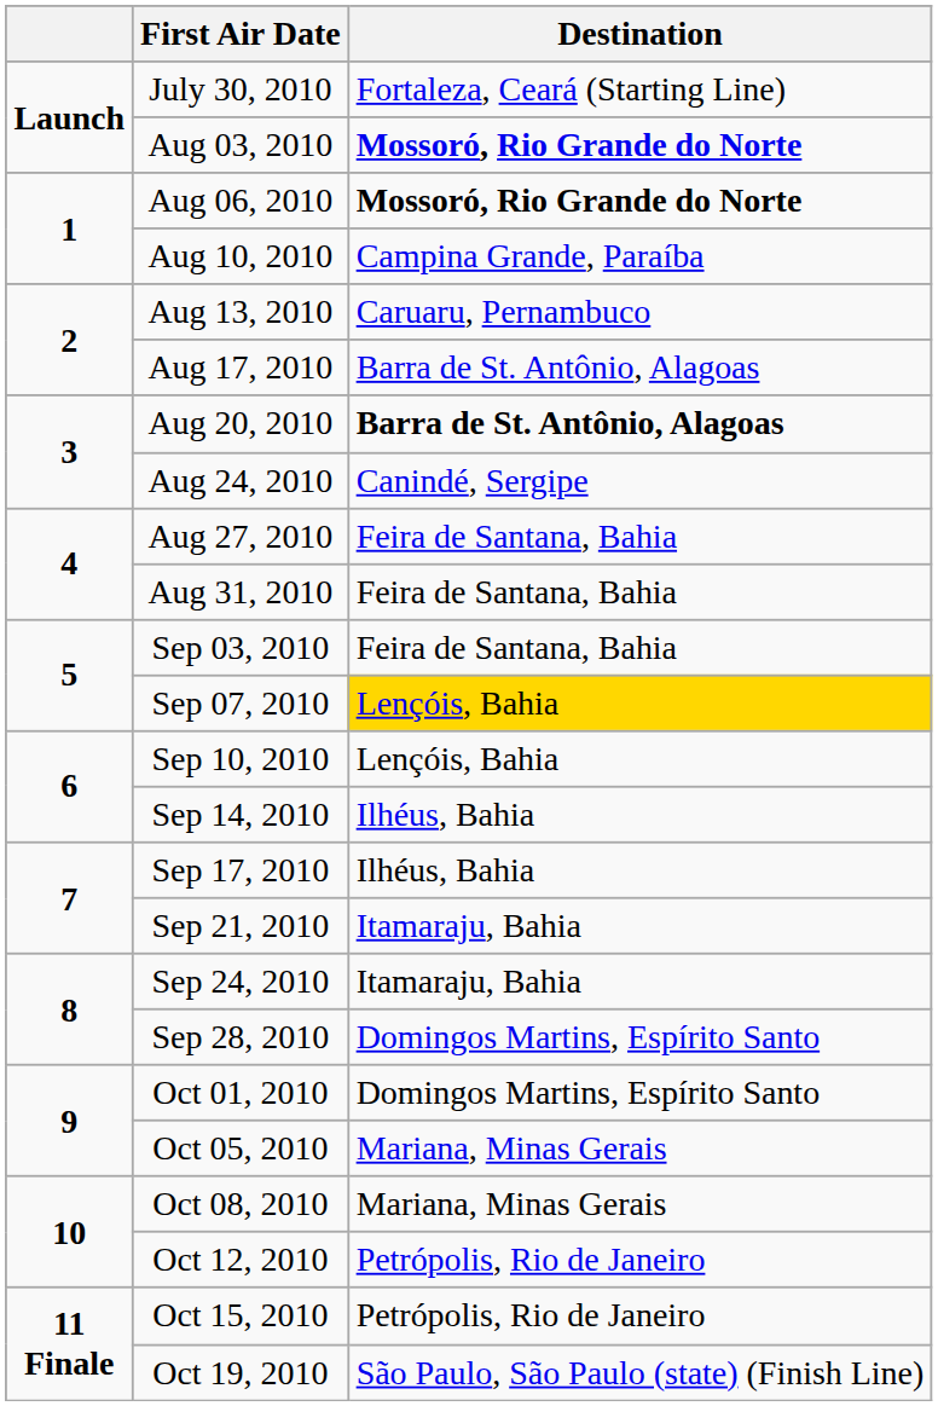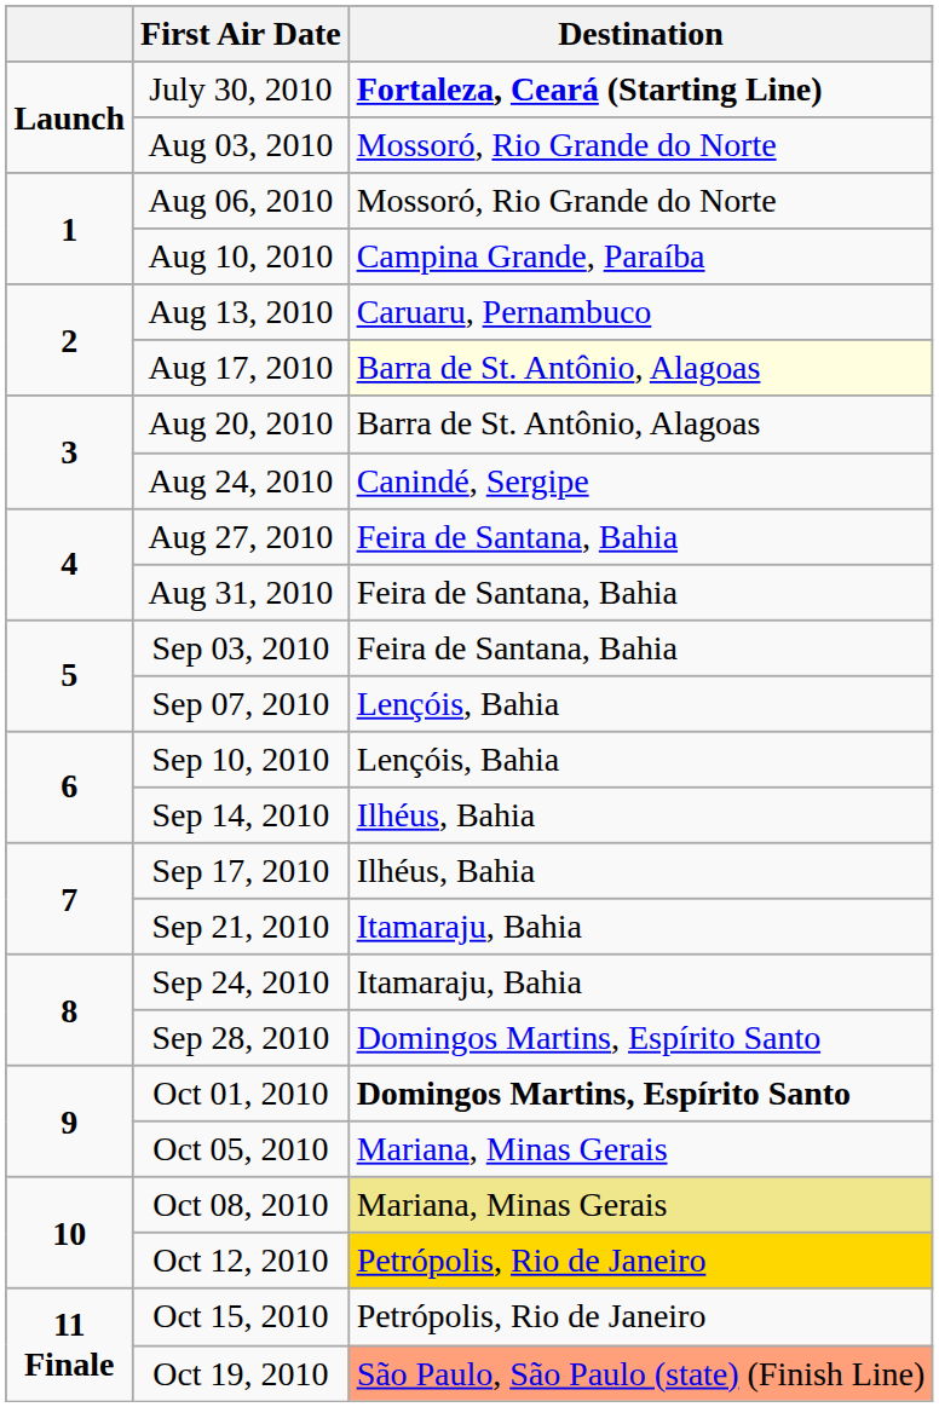 <table class="wikitable" style="text-align:center; font-size:95%">
 <tr>
 <th></th>
 <th>First Air Date</th>
 <th>Destination</th>
 </tr>
 <tr>
 <td rowspan=2><strong>Launch</strong></td>
 <td>July 30, 2010</td>
-<td align="left"><a href='#'>Fortaleza</a>, <a href='#'>Ceará</a> (Starting Line)</td>
+<td align="left"><strong><a href='#'>Fortaleza</a>, <a href='#'>Ceará</a> (Starting Line)</strong></td>
 </tr>
 <tr>
 <td>Aug 03, 2010</td>
-<td align="left"><strong><a href='#'>Mossoró</a>, <a href='#'>Rio Grande do Norte</a></strong></td>
+<td align="left"><a href='#'>Mossoró</a>, <a href='#'>Rio Grande do Norte</a></td>
 </tr>
 <tr>
 <td rowspan=2><strong>1</strong></td>
 <td>Aug 06, 2010</td>
-<td align="left"><strong>Mossoró, Rio Grande do Norte</strong></td>
+<td align="left">Mossoró, Rio Grande do Norte</td>
 </tr>
 <tr>
 <td>Aug 10, 2010</td>
 <td align="left"><a href='#'>Campina Grande</a>, <a href='#'>Paraíba</a></td>
 </tr>
 <tr>
 <td rowspan=2><strong>2</strong></td>
 <td>Aug 13, 2010</td>
 <td align="left"><a href='#'>Caruaru</a>, <a href='#'>Pernambuco</a></td>
 </tr>
 <tr>
 <td>Aug 17, 2010</td>
-<td align="left"><a href='#'>Barra de St. Antônio</a>, <a href='#'>Alagoas</a></td>
+<td align="left" style="background: lightyellow;"><a href='#'>Barra de St. Antônio</a>, <a href='#'>Alagoas</a></td>
 </tr>
 <tr>
 <td rowspan=2><strong>3</strong></td>
 <td>Aug 20, 2010</td>
-<td align="left"><strong>Barra de St. Antônio, Alagoas</strong></td>
+<td align="left">Barra de St. Antônio, Alagoas</td>
 </tr>
 <tr>
 <td>Aug 24, 2010</td>
 <td align="left"><a href='#'>Canindé</a>, <a href='#'>Sergipe</a></td>
 </tr>
 <tr>
 <td rowspan=2><strong>4</strong></td>
 <td>Aug 27, 2010</td>
 <td align="left"><a href='#'>Feira de Santana</a>, <a href='#'>Bahia</a></td>
 </tr>
 <tr>
 <td>Aug 31, 2010</td>
 <td align="left">Feira de Santana, Bahia</td>
 </tr>
 <tr>
 <td rowspan=2><strong>5</strong></td>
 <td>Sep 03, 2010</td>
 <td align="left">Feira de Santana, Bahia</td>
 </tr>
 <tr>
 <td>Sep 07, 2010</td>
-<td align="left" style="background: gold;"><a href='#'>Lençóis</a>, Bahia</td>
+<td align="left"><a href='#'>Lençóis</a>, Bahia</td>
 </tr>
 <tr>
 <td rowspan=2><strong>6</strong></td>
 <td>Sep 10, 2010</td>
 <td align="left">Lençóis, Bahia</td>
 </tr>
 <tr>
 <td>Sep 14, 2010</td>
 <td align="left"><a href='#'>Ilhéus</a>, Bahia</td>
 </tr>
 <tr>
 <td rowspan=2><strong>7</strong></td>
 <td>Sep 17, 2010</td>
 <td align="left">Ilhéus, Bahia</td>
 </tr>
 <tr>
 <td>Sep 21, 2010</td>
 <td align="left"><a href='#'>Itamaraju</a>, Bahia</td>
 </tr>
 <tr>
 <td rowspan=2><strong>8</strong></td>
 <td>Sep 24, 2010</td>
 <td align="left">Itamaraju, Bahia</td>
 </tr>
 <tr>
 <td>Sep 28, 2010</td>
 <td align="left"><a href='#'>Domingos Martins</a>, <a href='#'>Espírito Santo</a></td>
 </tr>
 <tr>
 <td rowspan=2><strong>9</strong></td>
 <td>Oct 01, 2010</td>
-<td align="left">Domingos Martins, Espírito Santo</td>
+<td align="left"><strong>Domingos Martins, Espírito Santo</strong></td>
 </tr>
 <tr>
 <td>Oct 05, 2010</td>
 <td align="left"><a href='#'>Mariana</a>, <a href='#'>Minas Gerais</a></td>
 </tr>
 <tr>
 <td rowspan=2><strong>10</strong></td>
 <td>Oct 08, 2010</td>
-<td align="left">Mariana, Minas Gerais</td>
+<td align="left" style="background: khaki;">Mariana, Minas Gerais</td>
 </tr>
 <tr>
 <td>Oct 12, 2010</td>
-<td align="left"><a href='#'>Petrópolis</a>, <a href='#'>Rio de Janeiro</a></td>
+<td align="left" style="background: gold;"><a href='#'>Petrópolis</a>, <a href='#'>Rio de Janeiro</a></td>
 </tr>
 <tr>
 <td rowspan=2><strong>11<br>Finale</strong></td>
 <td>Oct 15, 2010</td>
 <td align="left">Petrópolis, Rio de Janeiro</td>
 </tr>
 <tr>
 <td>Oct 19, 2010</td>
-<td align="left"><a href='#'>São Paulo</a>, <a href='#'>São Paulo (state)</a> (Finish Line)</td>
+<td align="left" style="background: lightsalmon;"><a href='#'>São Paulo</a>, <a href='#'>São Paulo (state)</a> (Finish Line)</td>
 </tr>
 </table>
